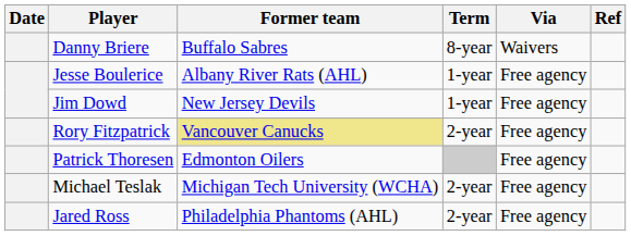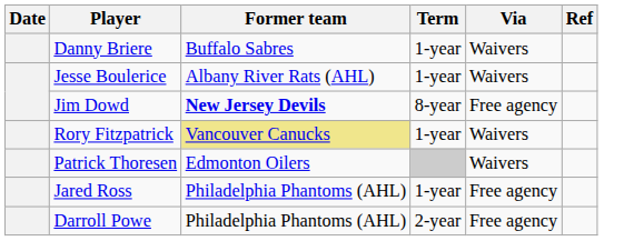 <table class="wikitable plainrowheaders">
 <tr style="background:#ddd; text-align:center;">
 <th>Date</th>
 <th>Player</th>
 <th>Former team</th>
 <th>Term</th>
 <th>Via</th>
 <th>Ref</th>
 </tr>
 <tr>
 <th scope="row"></th>
 <td><a href='#'>Danny Briere</a></td>
 <td><a href='#'>Buffalo Sabres</a></td>
-<td>8-year</td>
+<td>1-year</td>
 <td>Waivers</td>
 <td></td>
 </tr>
 <tr>
 <th scope="row" rowspan=2></th>
 <td><a href='#'>Jesse Boulerice</a></td>
 <td><a href='#'>Albany River Rats</a> (<a href='#'>AHL</a>)</td>
 <td>1-year</td>
-<td>Free agency</td>
+<td>Waivers</td>
 <td></td>
 </tr>
 <tr>
 <td><a href='#'>Jim Dowd</a></td>
-<td><a href='#'>New Jersey Devils</a></td>
-<td>1-year</td>
+<td><strong><a href='#'>New Jersey Devils</a></strong></td>
+<td>8-year</td>
 <td>Free agency</td>
 <td></td>
 </tr>
 <tr>
 <th scope="row"></th>
 <td><a href='#'>Rory Fitzpatrick</a></td>
 <td style="background: khaki;"><a href='#'>Vancouver Canucks</a></td>
-<td>2-year</td>
-<td>Free agency</td>
+<td>1-year</td>
+<td>Waivers</td>
 <td></td>
 </tr>
 <tr>
 <th scope="row"></th>
 <td><a href='#'>Patrick Thoresen</a></td>
 <td><a href='#'>Edmonton Oilers</a></td>
 <td style="background:#ccc"></td>
-<td>Free agency</td>
-<td></td>
-</tr>
-<tr>
-<th scope="row"></th>
-<td>Michael Teslak</td>
-<td><a href='#'>Michigan Tech University</a> (<a href='#'>WCHA</a>)</td>
-<td>2-year</td>
-<td>Free agency</td>
+<td>Waivers</td>
 <td></td>
 </tr>
 <tr>
 <th scope="row"></th>
 <td><a href='#'>Jared Ross</a></td>
 <td><a href='#'>Philadelphia Phantoms</a> (AHL)</td>
+<td>1-year</td>
+<td>Free agency</td>
+<td></td>
+</tr>
+<tr>
+<th scope="row"></th>
+<td><a href='#'>Darroll Powe</a></td>
+<td>Philadelphia Phantoms (AHL)</td>
 <td>2-year</td>
 <td>Free agency</td>
 <td></td>
 </tr>
 </table>
